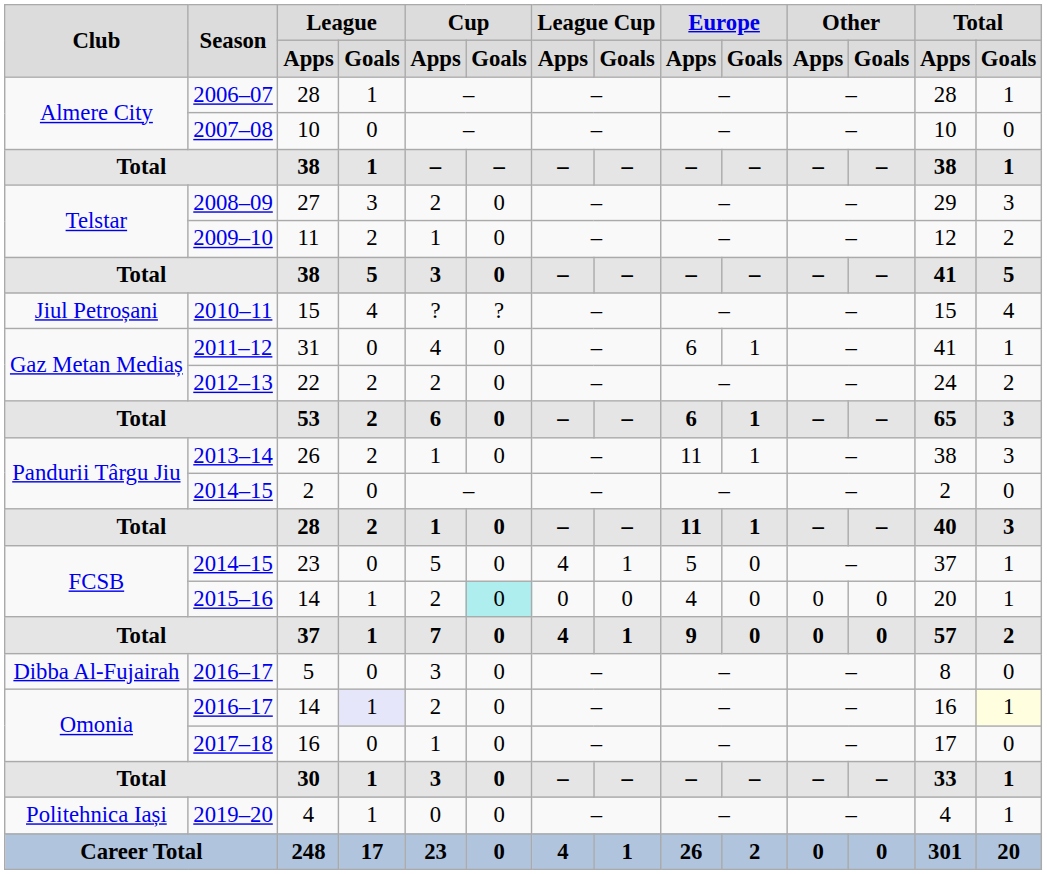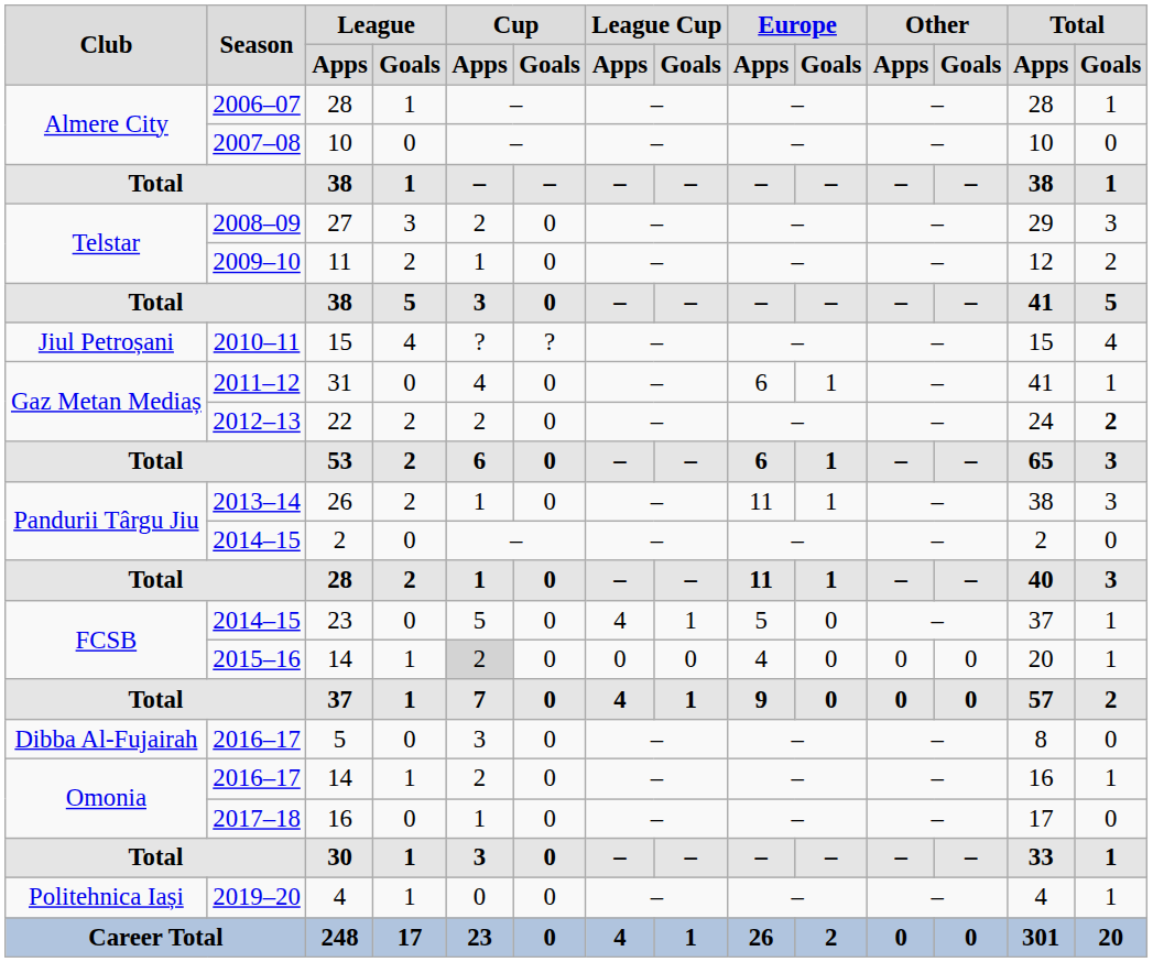 <table class="wikitable" style="text-align: center;">
 <tr>
 <th style="background: #DCDCDC; text-align: center" rowspan="2"><strong>Club</strong></th>
 <th style="background: #DCDCDC; text-align: center" rowspan="2"><strong>Season</strong></th>
 <th style="background: #DCDCDC; text-align: center" colspan="2"><strong>League</strong></th>
 <th style="background: #DCDCDC; text-align: center" colspan="2"><strong>Cup</strong></th>
 <th style="background: #DCDCDC; text-align: center" colspan="2"><strong>League Cup</strong></th>
 <th style="background: #DCDCDC; text-align: center" colspan="2"><a href='#'>Europe</a></th>
 <th style="background: #DCDCDC; text-align: center" colspan="2"><strong>Other</strong></th>
 <th style="background: #DCDCDC; text-align: center" colspan="3"><strong>Total</strong></th>
 </tr>
 <tr>
 <th style="background:#dcdcdc; text-align:center;">Apps</th>
 <th style="background:#dcdcdc; text-align:center;">Goals</th>
 <th style="background:#dcdcdc; text-align:center;">Apps</th>
 <th style="background:#dcdcdc; text-align:center;">Goals</th>
 <th style="background:#dcdcdc; text-align:center;">Apps</th>
 <th style="background:#dcdcdc; text-align:center;">Goals</th>
 <th style="background:#dcdcdc; text-align:center;">Apps</th>
 <th style="background:#dcdcdc; text-align:center;">Goals</th>
 <th style="background:#dcdcdc; text-align:center;">Apps</th>
 <th style="background:#dcdcdc; text-align:center;">Goals</th>
 <th style="background:#dcdcdc; text-align:center;">Apps</th>
 <th style="background:#dcdcdc; text-align:center;">Goals</th>
 </tr>
 <tr>
 <td rowspan="2"><a href='#'>Almere City</a></td>
 <td><a href='#'>2006–07</a></td>
 <td>28</td>
 <td>1</td>
 <td rowspan=1 colspan="2">–</td>
 <td rowspan=1 colspan="2">–</td>
 <td rowspan=1 colspan="2">–</td>
 <td rowspan=1 colspan="2">–</td>
 <td>28</td>
 <td>1</td>
 </tr>
 <tr>
 <td><a href='#'>2007–08</a></td>
 <td>10</td>
 <td>0</td>
 <td rowspan=1 colspan="2">–</td>
 <td rowspan=1 colspan="2">–</td>
 <td rowspan=1 colspan="2">–</td>
 <td rowspan=1 colspan="2">–</td>
 <td>10</td>
 <td>0</td>
 </tr>
 <tr>
 <th style="background: #E5E5E5; text-align: center" colspan="2">Total</th>
 <th style="background:#e5e5e5; text-align:center;">38</th>
 <th style="background:#e5e5e5; text-align:center;">1</th>
 <th style="background:#e5e5e5; text-align:center;">–</th>
 <th style="background:#e5e5e5; text-align:center;">–</th>
 <th style="background:#e5e5e5; text-align:center;">–</th>
 <th style="background:#e5e5e5; text-align:center;">–</th>
 <th style="background:#e5e5e5; text-align:center;">–</th>
 <th style="background:#e5e5e5; text-align:center;">–</th>
 <th style="background:#e5e5e5; text-align:center;">–</th>
 <th style="background:#e5e5e5; text-align:center;">–</th>
 <th style="background:#e5e5e5; text-align:center;">38</th>
 <th style="background:#e5e5e5; text-align:center;">1</th>
 </tr>
 <tr>
 <td rowspan="2"><a href='#'>Telstar</a></td>
 <td><a href='#'>2008–09</a></td>
 <td>27</td>
 <td>3</td>
 <td>2</td>
 <td>0</td>
 <td rowspan=1 colspan="2">–</td>
 <td rowspan=1 colspan="2">–</td>
 <td rowspan=1 colspan="2">–</td>
 <td>29</td>
 <td>3</td>
 </tr>
 <tr>
 <td><a href='#'>2009–10</a></td>
 <td>11</td>
 <td>2</td>
 <td>1</td>
 <td>0</td>
 <td rowspan=1 colspan="2">–</td>
 <td rowspan=1 colspan="2">–</td>
 <td rowspan=1 colspan="2">–</td>
 <td>12</td>
 <td>2</td>
 </tr>
 <tr>
 <th style="background: #E5E5E5; text-align: center" colspan="2">Total</th>
 <th style="background:#e5e5e5; text-align:center;">38</th>
 <th style="background:#e5e5e5; text-align:center;">5</th>
 <th style="background:#e5e5e5; text-align:center;">3</th>
 <th style="background:#e5e5e5; text-align:center;">0</th>
 <th style="background:#e5e5e5; text-align:center;">–</th>
 <th style="background:#e5e5e5; text-align:center;">–</th>
 <th style="background:#e5e5e5; text-align:center;">–</th>
 <th style="background:#e5e5e5; text-align:center;">–</th>
 <th style="background:#e5e5e5; text-align:center;">–</th>
 <th style="background:#e5e5e5; text-align:center;">–</th>
 <th style="background:#e5e5e5; text-align:center;">41</th>
 <th style="background:#e5e5e5; text-align:center;">5</th>
 </tr>
 <tr>
 <td rowspan="1"><a href='#'>Jiul Petroșani</a></td>
 <td><a href='#'>2010–11</a></td>
 <td>15</td>
 <td>4</td>
 <td>?</td>
 <td>?</td>
 <td rowspan=1 colspan="2">–</td>
 <td rowspan=1 colspan="2">–</td>
 <td rowspan=1 colspan="2">–</td>
 <td>15</td>
 <td>4</td>
 </tr>
 <tr>
 <td rowspan="2"><a href='#'>Gaz Metan Mediaș</a></td>
 <td><a href='#'>2011–12</a></td>
 <td>31</td>
 <td>0</td>
 <td>4</td>
 <td>0</td>
 <td rowspan=1 colspan="2">–</td>
 <td>6</td>
 <td>1</td>
 <td rowspan=1 colspan="2">–</td>
 <td>41</td>
 <td>1</td>
 </tr>
 <tr>
 <td><a href='#'>2012–13</a></td>
 <td>22</td>
 <td>2</td>
 <td>2</td>
 <td>0</td>
 <td rowspan=1 colspan="2">–</td>
 <td rowspan=1 colspan="2">–</td>
 <td rowspan=1 colspan="2">–</td>
 <td>24</td>
-<td>2</td>
+<td><strong>2</strong></td>
 </tr>
 <tr>
 <th style="background: #E5E5E5; text-align: center" colspan="2">Total</th>
 <th style="background:#e5e5e5; text-align:center;">53</th>
 <th style="background:#e5e5e5; text-align:center;">2</th>
 <th style="background:#e5e5e5; text-align:center;">6</th>
 <th style="background:#e5e5e5; text-align:center;">0</th>
 <th style="background:#e5e5e5; text-align:center;">–</th>
 <th style="background:#e5e5e5; text-align:center;">–</th>
 <th style="background:#e5e5e5; text-align:center;">6</th>
 <th style="background:#e5e5e5; text-align:center;">1</th>
 <th style="background:#e5e5e5; text-align:center;">–</th>
 <th style="background:#e5e5e5; text-align:center;">–</th>
 <th style="background:#e5e5e5; text-align:center;">65</th>
 <th style="background:#e5e5e5; text-align:center;">3</th>
 </tr>
 <tr>
 <td rowspan="2"><a href='#'>Pandurii Târgu Jiu</a></td>
 <td><a href='#'>2013–14</a></td>
 <td>26</td>
 <td>2</td>
 <td>1</td>
 <td>0</td>
 <td rowspan=1 colspan="2">–</td>
 <td>11</td>
 <td>1</td>
 <td rowspan=1 colspan="2">–</td>
 <td>38</td>
 <td>3</td>
 </tr>
 <tr>
 <td><a href='#'>2014–15</a></td>
 <td>2</td>
 <td>0</td>
 <td rowspan=1 colspan="2">–</td>
 <td rowspan=1 colspan="2">–</td>
 <td rowspan=1 colspan="2">–</td>
 <td rowspan=1 colspan="2">–</td>
 <td>2</td>
 <td>0</td>
 </tr>
 <tr>
 <th style="background: #E5E5E5; text-align: center" colspan="2">Total</th>
 <th style="background:#e5e5e5; text-align:center;">28</th>
 <th style="background:#e5e5e5; text-align:center;">2</th>
 <th style="background:#e5e5e5; text-align:center;">1</th>
 <th style="background:#e5e5e5; text-align:center;">0</th>
 <th style="background:#e5e5e5; text-align:center;">–</th>
 <th style="background:#e5e5e5; text-align:center;">–</th>
 <th style="background:#e5e5e5; text-align:center;">11</th>
 <th style="background:#e5e5e5; text-align:center;">1</th>
 <th style="background:#e5e5e5; text-align:center;">–</th>
 <th style="background:#e5e5e5; text-align:center;">–</th>
 <th style="background:#e5e5e5; text-align:center;">40</th>
 <th style="background:#e5e5e5; text-align:center;">3</th>
 </tr>
 <tr>
 <td rowspan="2"><a href='#'>FCSB</a></td>
 <td><a href='#'>2014–15</a></td>
 <td>23</td>
 <td>0</td>
 <td>5</td>
 <td>0</td>
 <td>4</td>
 <td>1</td>
 <td>5</td>
 <td>0</td>
 <td rowspan=1 colspan="2">–</td>
 <td>37</td>
 <td>1</td>
 </tr>
 <tr>
 <td><a href='#'>2015–16</a></td>
 <td>14</td>
 <td>1</td>
-<td>2</td>
-<td style="background: paleturquoise;">0</td>
+<td style="background: lightgrey;">2</td>
+<td>0</td>
 <td>0</td>
 <td>0</td>
 <td>4</td>
 <td>0</td>
 <td>0</td>
 <td>0</td>
 <td>20</td>
 <td>1</td>
 </tr>
 <tr>
 <th style="background: #E5E5E5; text-align: center" colspan="2">Total</th>
 <th style="background:#e5e5e5; text-align:center;">37</th>
 <th style="background:#e5e5e5; text-align:center;">1</th>
 <th style="background:#e5e5e5; text-align:center;">7</th>
 <th style="background:#e5e5e5; text-align:center;">0</th>
 <th style="background:#e5e5e5; text-align:center;">4</th>
 <th style="background:#e5e5e5; text-align:center;">1</th>
 <th style="background:#e5e5e5; text-align:center;">9</th>
 <th style="background:#e5e5e5; text-align:center;">0</th>
 <th style="background:#e5e5e5; text-align:center;">0</th>
 <th style="background:#e5e5e5; text-align:center;">0</th>
 <th style="background:#e5e5e5; text-align:center;">57</th>
 <th style="background:#e5e5e5; text-align:center;">2</th>
 </tr>
 <tr>
 <td rowspan="1"><a href='#'>Dibba Al-Fujairah</a></td>
 <td><a href='#'>2016–17</a></td>
 <td>5</td>
 <td>0</td>
 <td>3</td>
 <td>0</td>
 <td rowspan=1 colspan="2">–</td>
 <td rowspan=1 colspan="2">–</td>
 <td rowspan=1 colspan="2">–</td>
 <td>8</td>
 <td>0</td>
 </tr>
 <tr>
 <td rowspan="2"><a href='#'>Omonia</a></td>
 <td><a href='#'>2016–17</a></td>
 <td>14</td>
-<td style="background: lavender;">1</td>
+<td>1</td>
 <td>2</td>
 <td>0</td>
 <td rowspan=1 colspan="2">–</td>
 <td rowspan=1 colspan="2">–</td>
 <td rowspan=1 colspan="2">–</td>
 <td>16</td>
-<td style="background: lightyellow;">1</td>
+<td>1</td>
 </tr>
 <tr>
 <td><a href='#'>2017–18</a></td>
 <td>16</td>
 <td>0</td>
 <td>1</td>
 <td>0</td>
 <td rowspan=1 colspan="2">–</td>
 <td rowspan=1 colspan="2">–</td>
 <td rowspan=1 colspan="2">–</td>
 <td>17</td>
 <td>0</td>
 </tr>
 <tr>
 <th style="background: #E5E5E5; text-align: center" colspan="2">Total</th>
 <th style="background:#e5e5e5; text-align:center;">30</th>
 <th style="background:#e5e5e5; text-align:center;">1</th>
 <th style="background:#e5e5e5; text-align:center;">3</th>
 <th style="background:#e5e5e5; text-align:center;">0</th>
 <th style="background:#e5e5e5; text-align:center;">–</th>
 <th style="background:#e5e5e5; text-align:center;">–</th>
 <th style="background:#e5e5e5; text-align:center;">–</th>
 <th style="background:#e5e5e5; text-align:center;">–</th>
 <th style="background:#e5e5e5; text-align:center;">–</th>
 <th style="background:#e5e5e5; text-align:center;">–</th>
 <th style="background:#e5e5e5; text-align:center;">33</th>
 <th style="background:#e5e5e5; text-align:center;">1</th>
 </tr>
 <tr>
 <td rowspan="1"><a href='#'>Politehnica Iași</a></td>
 <td><a href='#'>2019–20</a></td>
 <td>4</td>
 <td>1</td>
 <td>0</td>
 <td>0</td>
 <td rowspan=1 colspan="2">–</td>
 <td rowspan=1 colspan="2">–</td>
 <td rowspan=1 colspan="2">–</td>
 <td>4</td>
 <td>1</td>
 </tr>
 <tr>
 <th style="background: #b0c4de; text-align: center" colspan="2"><strong>Career Total</strong></th>
 <th style="background:#b0c4de; text-align:center;">248</th>
 <th style="background:#b0c4de; text-align:center;">17</th>
 <th style="background:#b0c4de; text-align:center;">23</th>
 <th style="background:#b0c4de; text-align:center;">0</th>
 <th style="background:#b0c4de; text-align:center;">4</th>
 <th style="background:#b0c4de; text-align:center;">1</th>
 <th style="background:#b0c4de; text-align:center;">26</th>
 <th style="background:#b0c4de; text-align:center;">2</th>
 <th style="background:#b0c4de; text-align:center;">0</th>
 <th style="background:#b0c4de; text-align:center;">0</th>
 <th style="background:#b0c4de; text-align:center;">301</th>
 <th style="background:#b0c4de; text-align:center;">20</th>
 </tr>
 </table>
